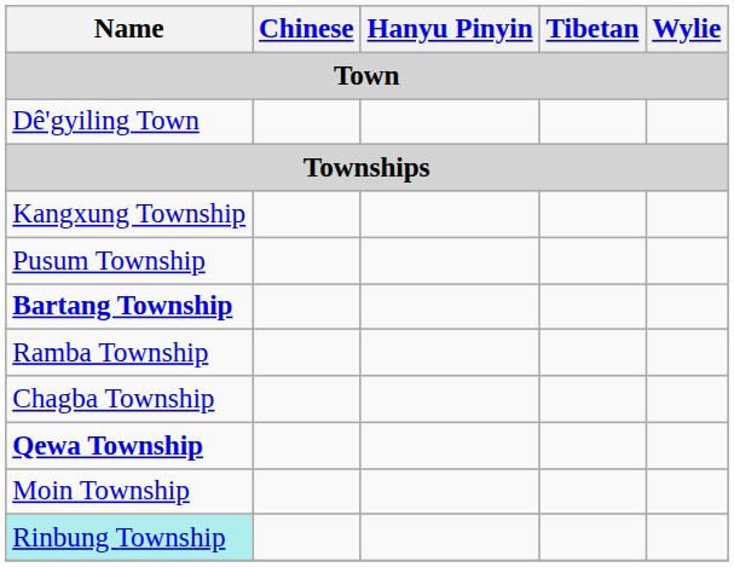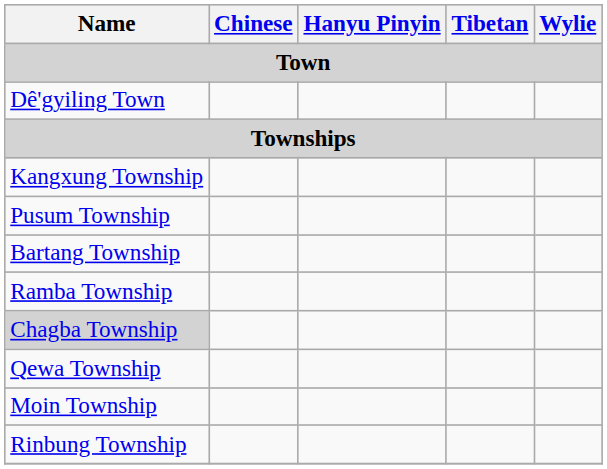 <table class="wikitable"  style="font-size:90%;" align=center>
 <tr>
 <th>Name</th>
 <th><a href='#'>Chinese</a></th>
 <th><a href='#'>Hanyu Pinyin</a></th>
 <th><a href='#'>Tibetan</a></th>
 <th><a href='#'>Wylie</a></th>
 </tr>
 <tr --------->
 <td colspan="7"  style="text-align:center; background:#d3d3d3;"><strong>Town</strong></td>
 </tr>
 <tr --------->
 <td><a href='#'>Dê'gyiling Town</a></td>
 <td></td>
 <td></td>
 <td></td>
 <td></td>
 </tr>
 <tr --------->
 <td colspan="7"  style="text-align:center; background:#d3d3d3;"><strong>Townships</strong></td>
 </tr>
 <tr --------->
 <td><a href='#'>Kangxung Township</a></td>
 <td></td>
 <td></td>
 <td></td>
 <td></td>
 </tr>
 <tr>
 <td><a href='#'>Pusum Township</a></td>
 <td></td>
 <td></td>
 <td></td>
 <td></td>
 </tr>
 <tr>
-<td><strong><a href='#'>Bartang Township</a></strong></td>
+<td><a href='#'>Bartang Township</a></td>
 <td></td>
 <td></td>
 <td></td>
 <td></td>
 </tr>
 <tr>
 <td><a href='#'>Ramba Township</a></td>
 <td></td>
 <td></td>
 <td></td>
 <td></td>
 </tr>
 <tr>
-<td><a href='#'>Chagba Township</a></td>
+<td style="background: lightgrey;"><a href='#'>Chagba Township</a></td>
 <td></td>
 <td></td>
 <td></td>
 <td></td>
 </tr>
 <tr>
-<td><strong><a href='#'>Qewa Township</a></strong></td>
+<td><a href='#'>Qewa Township</a></td>
 <td></td>
 <td></td>
 <td></td>
 <td></td>
 </tr>
 <tr>
 <td><a href='#'>Moin Township</a></td>
 <td></td>
 <td></td>
 <td></td>
 <td></td>
 </tr>
 <tr>
-<td style="background: paleturquoise;"><a href='#'>Rinbung Township</a></td>
+<td><a href='#'>Rinbung Township</a></td>
 <td></td>
 <td></td>
 <td></td>
 <td></td>
 </tr>
 <tr>
 </tr>
 </table>
